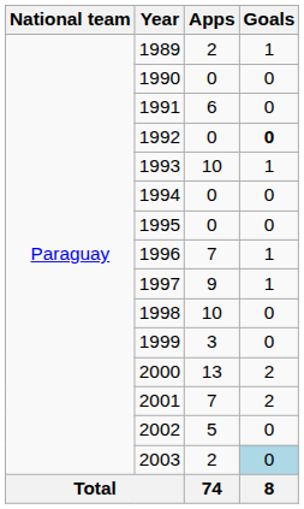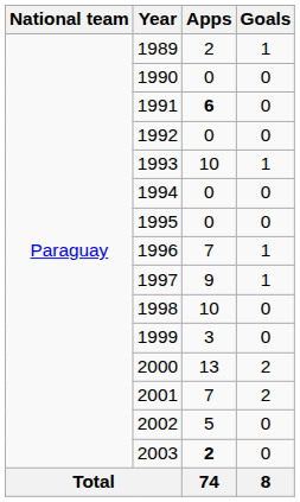 <table class="wikitable" style="text-align:center">
 <tr>
 <th>National team</th>
 <th>Year</th>
 <th>Apps</th>
 <th>Goals</th>
 </tr>
 <tr>
 <td rowspan="15"><a href='#'>Paraguay</a></td>
 <td>1989</td>
 <td>2</td>
 <td>1</td>
 </tr>
 <tr>
 <td>1990</td>
 <td>0</td>
 <td>0</td>
 </tr>
 <tr>
 <td>1991</td>
-<td>6</td>
+<td><strong>6</strong></td>
 <td>0</td>
 </tr>
 <tr>
 <td>1992</td>
 <td>0</td>
-<td><strong>0</strong></td>
+<td>0</td>
 </tr>
 <tr>
 <td>1993</td>
 <td>10</td>
 <td>1</td>
 </tr>
 <tr>
 <td>1994</td>
 <td>0</td>
 <td>0</td>
 </tr>
 <tr>
 <td>1995</td>
 <td>0</td>
 <td>0</td>
 </tr>
 <tr>
 <td>1996</td>
 <td>7</td>
 <td>1</td>
 </tr>
 <tr>
 <td>1997</td>
 <td>9</td>
 <td>1</td>
 </tr>
 <tr>
 <td>1998</td>
 <td>10</td>
 <td>0</td>
 </tr>
 <tr>
 <td>1999</td>
 <td>3</td>
 <td>0</td>
 </tr>
 <tr>
 <td>2000</td>
 <td>13</td>
 <td>2</td>
 </tr>
 <tr>
 <td>2001</td>
 <td>7</td>
 <td>2</td>
 </tr>
 <tr>
 <td>2002</td>
 <td>5</td>
 <td>0</td>
 </tr>
 <tr>
 <td>2003</td>
-<td>2</td>
-<td style="background: lightblue;">0</td>
+<td><strong>2</strong></td>
+<td>0</td>
 </tr>
 <tr>
 <th colspan="2">Total</th>
 <th>74</th>
 <th>8</th>
 </tr>
 </table>
